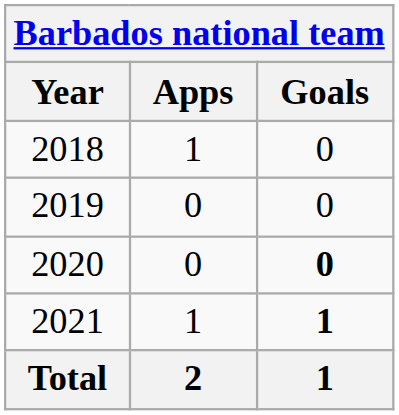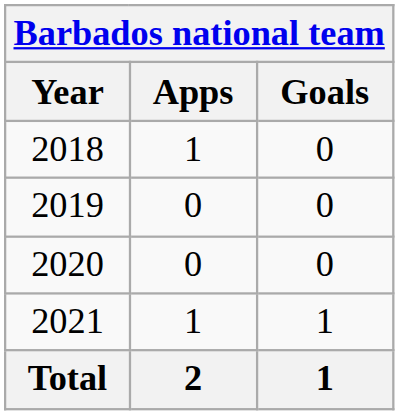 <table class="wikitable" style="text-align:center">
 <tr>
 <th colspan=3><a href='#'>Barbados national team</a></th>
 </tr>
 <tr>
 <th>Year</th>
 <th>Apps</th>
 <th>Goals</th>
 </tr>
 <tr>
 <td>2018</td>
 <td>1</td>
 <td>0</td>
 </tr>
 <tr>
 <td>2019</td>
 <td>0</td>
 <td>0</td>
 </tr>
 <tr>
 <td>2020</td>
 <td>0</td>
-<td><strong>0</strong></td>
+<td>0</td>
 </tr>
 <tr>
 <td>2021</td>
 <td>1</td>
-<td><strong>1</strong></td>
+<td>1</td>
 </tr>
 <tr>
 <th>Total</th>
 <th>2</th>
 <th>1</th>
 </tr>
 </table>
